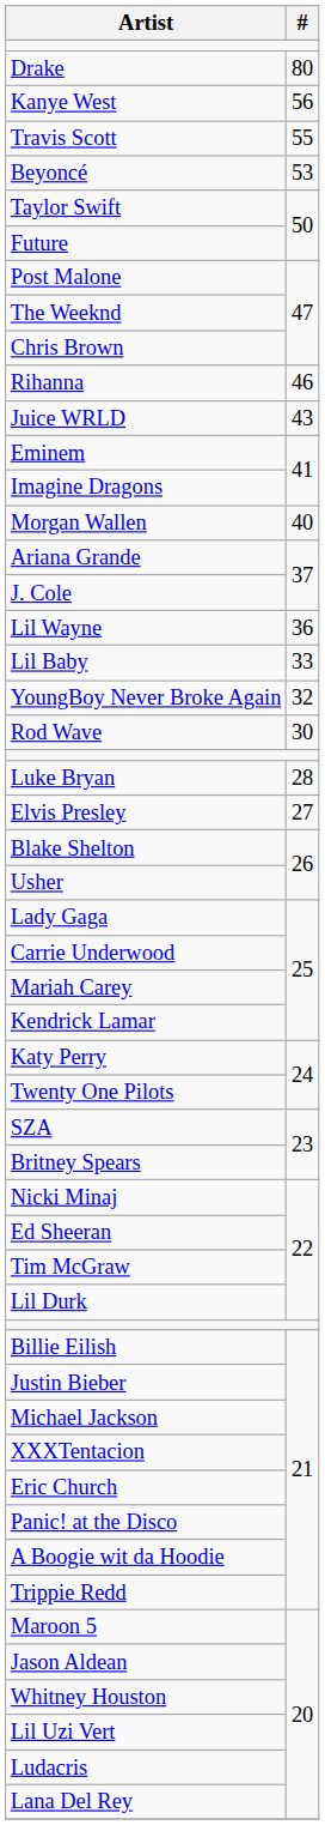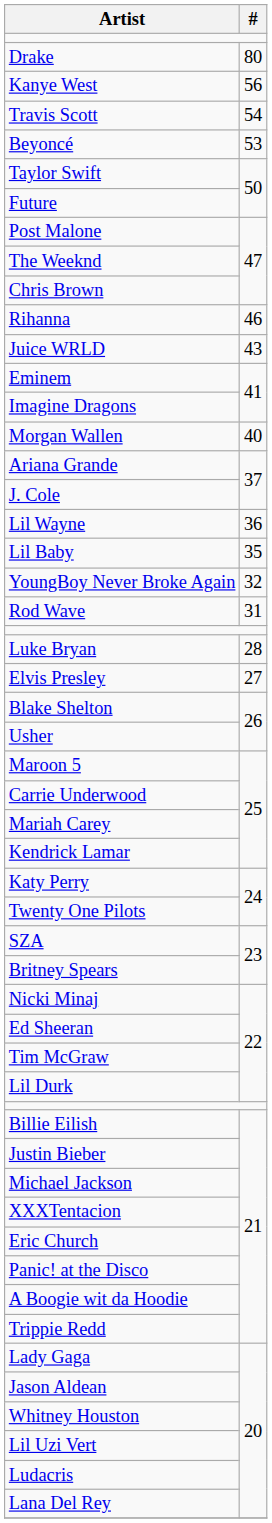 <table class="wikitable sortable">
 <tr>
 <th>Artist</th>
 <th>#</th>
 </tr>
 <tr>
 <td colspan="2"></td>
 </tr>
 <tr>
 <td><a href='#'>Drake</a></td>
 <td>80</td>
 </tr>
 <tr>
 <td><a href='#'>Kanye West</a></td>
 <td>56</td>
 </tr>
 <tr>
 <td><a href='#'>Travis Scott</a></td>
-<td>55</td>
+<td>54</td>
 </tr>
 <tr>
 <td><a href='#'>Beyoncé</a></td>
 <td>53</td>
 </tr>
 <tr>
 <td><a href='#'>Taylor Swift</a></td>
 <td rowspan="2">50</td>
 </tr>
 <tr>
 <td><a href='#'>Future</a></td>
 </tr>
 <tr>
 <td><a href='#'>Post Malone</a></td>
 <td rowspan="3">47</td>
 </tr>
 <tr>
 <td><a href='#'>The Weeknd</a></td>
 </tr>
 <tr>
 <td><a href='#'>Chris Brown</a></td>
 </tr>
 <tr>
 <td><a href='#'>Rihanna</a></td>
 <td>46</td>
 </tr>
 <tr>
 <td><a href='#'>Juice WRLD</a></td>
 <td>43</td>
 </tr>
 <tr>
 <td><a href='#'>Eminem</a></td>
 <td rowspan="2">41</td>
 </tr>
 <tr>
 <td><a href='#'>Imagine Dragons</a></td>
 </tr>
 <tr>
 <td><a href='#'>Morgan Wallen</a></td>
 <td>40</td>
 </tr>
 <tr>
 <td><a href='#'>Ariana Grande</a></td>
 <td rowspan="2">37</td>
 </tr>
 <tr>
 <td><a href='#'>J. Cole</a></td>
 </tr>
 <tr>
 <td><a href='#'>Lil Wayne</a></td>
 <td>36</td>
 </tr>
 <tr>
 <td><a href='#'>Lil Baby</a></td>
-<td>33</td>
+<td>35</td>
 </tr>
 <tr>
 <td><a href='#'>YoungBoy Never Broke Again</a></td>
 <td>32</td>
 </tr>
 <tr>
 <td><a href='#'>Rod Wave</a></td>
-<td>30</td>
+<td>31</td>
 </tr>
 <tr>
 <td colspan="2"></td>
 </tr>
 <tr>
 <td><a href='#'>Luke Bryan</a></td>
 <td>28</td>
 </tr>
 <tr>
 <td><a href='#'>Elvis Presley</a></td>
 <td>27</td>
 </tr>
 <tr>
 <td><a href='#'>Blake Shelton</a></td>
 <td rowspan="2">26</td>
 </tr>
 <tr>
 <td><a href='#'>Usher</a></td>
 </tr>
 <tr>
-<td><a href='#'>Lady Gaga</a></td>
+<td><a href='#'>Maroon 5</a></td>
 <td rowspan="4">25</td>
 </tr>
 <tr>
 <td><a href='#'>Carrie Underwood</a></td>
 </tr>
 <tr>
 <td><a href='#'>Mariah Carey</a></td>
 </tr>
 <tr>
 <td><a href='#'>Kendrick Lamar</a></td>
 </tr>
 <tr>
 <td><a href='#'>Katy Perry</a></td>
 <td rowspan="2">24</td>
 </tr>
 <tr>
 <td><a href='#'>Twenty One Pilots</a></td>
 </tr>
 <tr>
 <td><a href='#'>SZA</a></td>
 <td rowspan="2">23</td>
 </tr>
 <tr>
 <td><a href='#'>Britney Spears</a></td>
 </tr>
 <tr>
 <td><a href='#'>Nicki Minaj</a></td>
 <td rowspan="4">22</td>
 </tr>
 <tr>
 <td><a href='#'>Ed Sheeran</a></td>
 </tr>
 <tr>
 <td><a href='#'>Tim McGraw</a></td>
 </tr>
 <tr>
 <td><a href='#'>Lil Durk</a></td>
 </tr>
 <tr>
 <td colspan="2"></td>
 </tr>
 <tr>
 <td><a href='#'>Billie Eilish</a></td>
 <td rowspan="8">21</td>
 </tr>
 <tr>
 <td><a href='#'>Justin Bieber</a></td>
 </tr>
 <tr>
 <td><a href='#'>Michael Jackson</a></td>
 </tr>
 <tr>
 <td><a href='#'>XXXTentacion</a></td>
 </tr>
 <tr>
 <td><a href='#'>Eric Church</a></td>
 </tr>
 <tr>
 <td><a href='#'>Panic! at the Disco</a></td>
 </tr>
 <tr>
 <td><a href='#'>A Boogie wit da Hoodie</a></td>
 </tr>
 <tr>
 <td><a href='#'>Trippie Redd</a></td>
 </tr>
 <tr>
-<td><a href='#'>Maroon 5</a></td>
+<td><a href='#'>Lady Gaga</a></td>
 <td rowspan="6">20</td>
 </tr>
 <tr>
 <td><a href='#'>Jason Aldean</a></td>
 </tr>
 <tr>
 <td><a href='#'>Whitney Houston</a></td>
 </tr>
 <tr>
 <td><a href='#'>Lil Uzi Vert</a></td>
 </tr>
 <tr>
 <td><a href='#'>Ludacris</a></td>
 </tr>
 <tr>
 <td><a href='#'>Lana Del Rey</a></td>
 </tr>
 <tr>
 </tr>
 </table>
